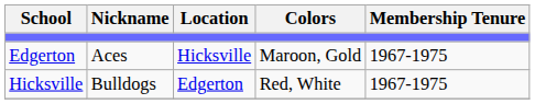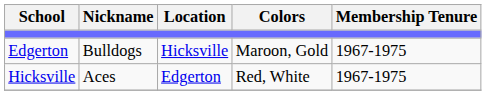 <table class="wikitable sortable">
 <tr>
 <th>School</th>
 <th>Nickname</th>
 <th>Location</th>
 <th>Colors</th>
 <th>Membership Tenure</th>
 </tr>
 <tr>
 <th colspan="7" style="background:#676AFE;"></th>
 </tr>
 <tr>
 <td><a href='#'>Edgerton</a></td>
-<td>Aces</td>
+<td>Bulldogs</td>
 <td><a href='#'>Hicksville</a></td>
 <td>Maroon, Gold <br>  </td>
 <td>1967-1975</td>
 </tr>
 <tr>
 <td><a href='#'>Hicksville</a></td>
-<td>Bulldogs</td>
+<td>Aces</td>
 <td><a href='#'>Edgerton</a></td>
 <td>Red, White <br>  </td>
 <td>1967-1975</td>
 </tr>
 <tr>
 </tr>
 </table>
